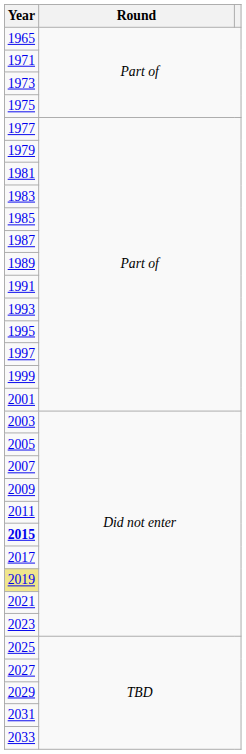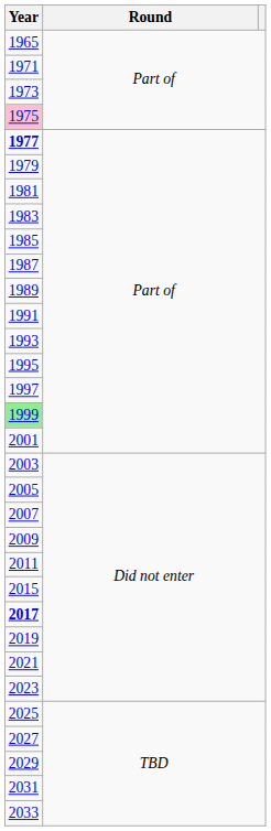 <table class="wikitable" style="text-align: center; font-size:90%">
 <tr>
 <th>Year</th>
 <th style="width:200px">Round</th>
 <th></th>
 </tr>
 <tr>
 <td><a href='#'>1965</a></td>
 <td colspan="2" rowspan="4"><em>Part of </em></td>
 </tr>
 <tr>
 <td><a href='#'>1971</a></td>
 </tr>
 <tr>
 <td><a href='#'>1973</a></td>
 </tr>
 <tr>
-<td><a href='#'>1975</a></td>
+<td style="background: pink;"><a href='#'>1975</a></td>
 </tr>
 <tr>
-<td><a href='#'>1977</a></td>
+<td><strong><a href='#'>1977</a></strong></td>
 <td colspan="2" rowspan="13"><em>Part of </em></td>
 </tr>
 <tr>
 <td><a href='#'>1979</a></td>
 </tr>
 <tr>
 <td><a href='#'>1981</a></td>
 </tr>
 <tr>
 <td><a href='#'>1983</a></td>
 </tr>
 <tr>
 <td><a href='#'>1985</a></td>
 </tr>
 <tr>
 <td><a href='#'>1987</a></td>
 </tr>
 <tr>
 <td><a href='#'>1989</a></td>
 </tr>
 <tr>
 <td><a href='#'>1991</a></td>
 </tr>
 <tr>
 <td><a href='#'>1993</a></td>
 </tr>
 <tr>
 <td><a href='#'>1995</a></td>
 </tr>
 <tr>
 <td><a href='#'>1997</a></td>
 </tr>
 <tr>
-<td><a href='#'>1999</a></td>
+<td style="background: lightgreen;"><a href='#'>1999</a></td>
 </tr>
 <tr>
 <td><a href='#'>2001</a></td>
 </tr>
 <tr>
 <td><a href='#'>2003</a></td>
 <td colspan="2" rowspan="10"><em>Did not enter</em></td>
 </tr>
 <tr>
 <td><a href='#'>2005</a></td>
 </tr>
 <tr>
 <td><a href='#'>2007</a></td>
 </tr>
 <tr>
 <td><a href='#'>2009</a></td>
 </tr>
 <tr>
 <td><a href='#'>2011</a></td>
 </tr>
 <tr>
-<td><strong><a href='#'>2015</a></strong></td>
+<td><a href='#'>2015</a></td>
 </tr>
 <tr>
-<td><a href='#'>2017</a></td>
+<td><strong><a href='#'>2017</a></strong></td>
 </tr>
 <tr>
-<td style="background: khaki;"><a href='#'>2019</a></td>
+<td><a href='#'>2019</a></td>
 </tr>
 <tr>
 <td><a href='#'>2021</a></td>
 </tr>
 <tr>
 <td><a href='#'>2023</a></td>
 </tr>
 <tr>
 <td><a href='#'>2025</a></td>
 <td colspan="2" rowspan="5"><em>TBD</em></td>
 </tr>
 <tr>
 <td><a href='#'>2027</a></td>
 </tr>
 <tr>
 <td><a href='#'>2029</a></td>
 </tr>
 <tr>
 <td><a href='#'>2031</a></td>
 </tr>
 <tr>
 <td><a href='#'>2033</a></td>
 </tr>
 </table>
